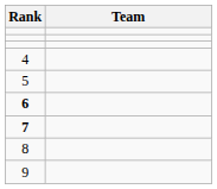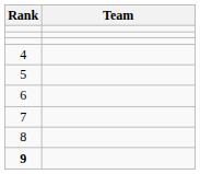 <table class="wikitable" style="text-align:center;">
 <tr>
 <th>Rank</th>
 <th width=180>Team</th>
 </tr>
 <tr>
 <td></td>
 <td align=left></td>
 </tr>
 <tr>
 <td></td>
 <td align=left></td>
 </tr>
 <tr>
 <td></td>
 <td align=left></td>
 </tr>
 <tr>
 <td>4</td>
 <td align=left></td>
 </tr>
 <tr>
 <td>5</td>
 <td align=left></td>
 </tr>
 <tr>
-<td><strong>6</strong></td>
+<td>6</td>
 <td align=left></td>
 </tr>
 <tr>
-<td><strong>7</strong></td>
+<td>7</td>
 <td align=left></td>
 </tr>
 <tr>
 <td>8</td>
 <td align=left></td>
 </tr>
 <tr>
-<td>9</td>
+<td><strong>9</strong></td>
 <td align=left></td>
 </tr>
 </table>
